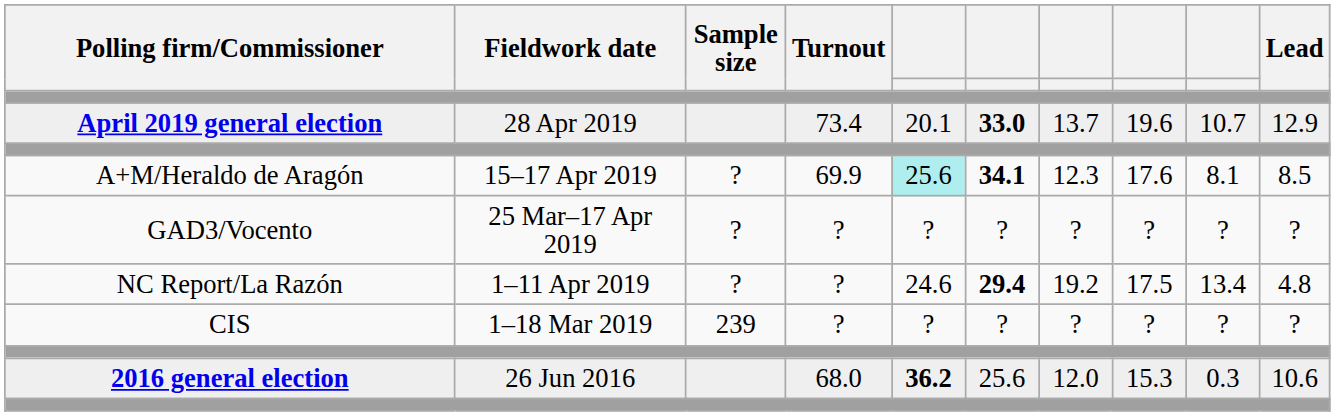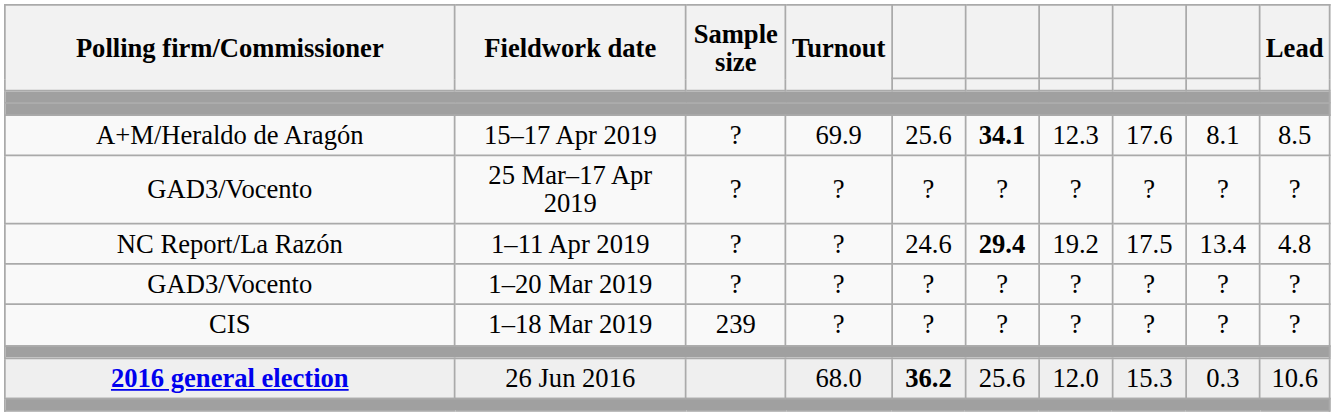 <table class="wikitable collapsible collapsed" style="text-align:center; font-size:95%; line-height:16px;">
 <tr style="height:42px;">
 <th style="width:250px;" rowspan="2">Polling firm/Commissioner</th>
 <th style="width:125px;" rowspan="2">Fieldwork date</th>
 <th style="width:50px;" rowspan="2">Sample size</th>
 <th style="width:45px;" rowspan="2">Turnout</th>
 <th style="width:35px;"></th>
 <th style="width:35px;"></th>
 <th style="width:35px;"></th>
 <th style="width:35px;"></th>
 <th style="width:35px;"></th>
 <th style="width:30px;" rowspan="2">Lead</th>
 </tr>
 <tr>
 <th style="color:inherit;background:"></th>
 <th style="color:inherit;background:"></th>
 <th style="color:inherit;background:"></th>
 <th style="color:inherit;background:"></th>
 <th style="color:inherit;background:"></th>
 </tr>
 <tr>
 <td colspan="10" style="background:#A0A0A0"></td>
 </tr>
-<tr style="background:#EFEFEF;">
-<td><strong><a href='#'>April 2019 general election</a></strong></td>
-<td>28 Apr 2019</td>
-<td></td>
-<td>73.4</td>
-<td>20.1<br></td>
-<td><strong>33.0</strong><br></td>
-<td>13.7<br></td>
-<td>19.6<br></td>
-<td>10.7<br></td>
-<td style="background:">12.9</td>
-</tr>
 <tr>
 <td colspan="10" style="background:#A0A0A0"></td>
 </tr>
 <tr>
 <td>A+M/Heraldo de Aragón</td>
 <td>15–17 Apr 2019</td>
 <td>?</td>
 <td>69.9</td>
-<td style="background: paleturquoise;">25.6<br></td>
+<td>25.6<br></td>
 <td><strong>34.1</strong><br></td>
 <td>12.3<br></td>
 <td>17.6<br></td>
 <td>8.1<br></td>
 <td style="background:">8.5</td>
 </tr>
 <tr>
 <td>GAD3/Vocento</td>
 <td>25 Mar–17 Apr 2019</td>
 <td>?</td>
 <td>?</td>
 <td>?<br></td>
 <td>?<br></td>
 <td>?<br></td>
 <td>?<br></td>
 <td>?<br></td>
 <td style="background:">?</td>
 </tr>
 <tr>
 <td>NC Report/La Razón</td>
 <td>1–11 Apr 2019</td>
 <td>?</td>
 <td>?</td>
 <td>24.6<br></td>
 <td><strong>29.4</strong><br></td>
 <td>19.2<br></td>
 <td>17.5<br></td>
 <td>13.4<br></td>
 <td style="background:">4.8</td>
+</tr>
+<tr>
+<td>GAD3/Vocento</td>
+<td>1–20 Mar 2019</td>
+<td>?</td>
+<td>?</td>
+<td>?<br></td>
+<td>?<br></td>
+<td>?<br></td>
+<td>?<br></td>
+<td>?<br></td>
+<td style="background:">?</td>
 </tr>
 <tr>
 <td>CIS</td>
 <td>1–18 Mar 2019</td>
 <td>239</td>
 <td>?</td>
 <td>?<br></td>
 <td>?<br></td>
 <td>?<br></td>
 <td>?<br></td>
 <td>?<br></td>
 <td style="background:">?</td>
 </tr>
 <tr>
 <td colspan="10" style="background:#A0A0A0"></td>
 </tr>
 <tr style="background:#EFEFEF;">
 <td><strong><a href='#'>2016 general election</a></strong></td>
 <td>26 Jun 2016</td>
 <td></td>
 <td>68.0</td>
 <td><strong>36.2</strong><br></td>
 <td>25.6<br></td>
 <td>12.0<br></td>
 <td>15.3<br></td>
 <td>0.3<br></td>
 <td style="background:">10.6</td>
 </tr>
 <tr>
 <td colspan="10" style="background:#A0A0A0"></td>
 </tr>
 </table>
